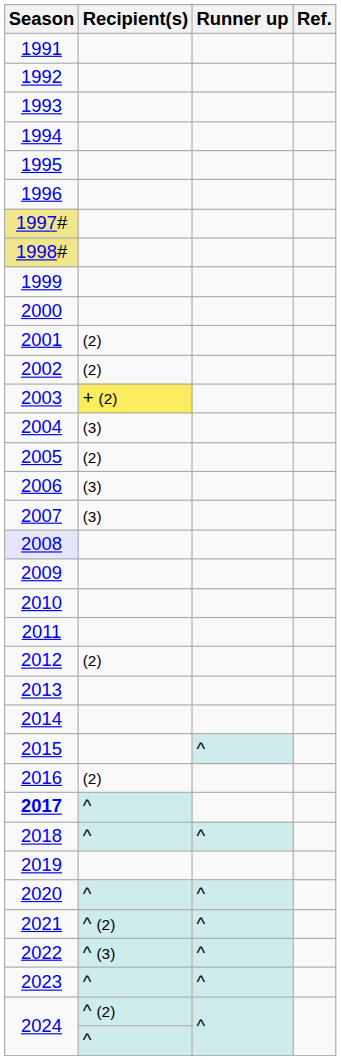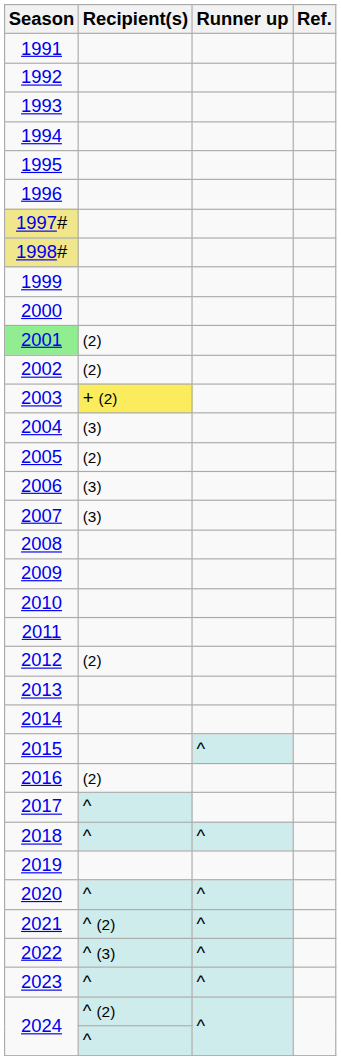 <table class="wikitable sortable" style="text-align:center">
 <tr>
 <th>Season</th>
 <th>Recipient(s)</th>
 <th>Runner up</th>
 <th class=unsortable>Ref.</th>
 </tr>
 <tr>
 <td><a href='#'>1991</a></td>
 <td align=left></td>
 <td align=left></td>
 <td></td>
 </tr>
 <tr>
 <td><a href='#'>1992</a></td>
 <td align=left></td>
 <td align=left></td>
 <td></td>
 </tr>
 <tr>
 <td><a href='#'>1993</a></td>
 <td align=left></td>
 <td align=left></td>
 <td></td>
 </tr>
 <tr>
 <td><a href='#'>1994</a></td>
 <td align=left></td>
 <td align=left></td>
 <td></td>
 </tr>
 <tr>
 <td><a href='#'>1995</a></td>
 <td align=left></td>
 <td align=left></td>
 <td></td>
 </tr>
 <tr>
 <td><a href='#'>1996</a></td>
 <td align=left></td>
 <td align=left></td>
 <td></td>
 </tr>
 <tr>
 <td style="background:#F0E68C"><a href='#'>1997</a>#</td>
 <td style="text-align:left"></td>
 <td style="text-align:left"></td>
 <td></td>
 </tr>
 <tr>
 <td style="background:#F0E68C"><a href='#'>1998</a>#</td>
 <td style="text-align:left;"></td>
 <td style="text-align:left;"></td>
 <td></td>
 </tr>
 <tr>
 <td><a href='#'>1999</a></td>
 <td align=left></td>
 <td align=left></td>
 <td></td>
 </tr>
 <tr>
 <td><a href='#'>2000</a></td>
 <td align=left></td>
 <td align=left></td>
 <td></td>
 </tr>
 <tr>
-<td><a href='#'>2001</a></td>
+<td style="background: lightgreen;"><a href='#'>2001</a></td>
 <td align=left> <small>(2)</small></td>
 <td align=left></td>
 <td></td>
 </tr>
 <tr>
 <td><a href='#'>2002</a></td>
 <td align=left> <small>(2)</small></td>
 <td align=left></td>
 <td></td>
 </tr>
 <tr>
 <td><a href='#'>2003</a></td>
 <td style="text-align:left;background:#FBEC5D">+ <small>(2)</small></td>
 <td align=left></td>
 <td></td>
 </tr>
 <tr>
 <td><a href='#'>2004</a></td>
 <td align=left> <small>(3)</small></td>
 <td align=left></td>
 <td></td>
 </tr>
 <tr>
 <td><a href='#'>2005</a></td>
 <td align=left> <small>(2)</small></td>
 <td align=left></td>
 <td></td>
 </tr>
 <tr>
 <td><a href='#'>2006</a></td>
 <td align=left> <small>(3)</small></td>
 <td align=left></td>
 <td></td>
 </tr>
 <tr>
 <td><a href='#'>2007</a></td>
 <td align=left> <small>(3)</small></td>
 <td align=left></td>
 <td></td>
 </tr>
 <tr>
-<td style="background: lavender;"><a href='#'>2008</a></td>
+<td><a href='#'>2008</a></td>
 <td align=left></td>
 <td align=left></td>
 <td></td>
 </tr>
 <tr>
 <td><a href='#'>2009</a></td>
 <td align=left></td>
 <td align=left></td>
 <td></td>
 </tr>
 <tr>
 <td><a href='#'>2010</a></td>
 <td align=left></td>
 <td align=left></td>
 <td></td>
 </tr>
 <tr>
 <td><a href='#'>2011</a></td>
 <td align=left></td>
 <td align=left></td>
 <td></td>
 </tr>
 <tr>
 <td><a href='#'>2012</a></td>
 <td align=left> <small>(2)</small></td>
 <td align=left></td>
 <td></td>
 </tr>
 <tr>
 <td><a href='#'>2013</a></td>
 <td style="text-align:left;"></td>
 <td align=left></td>
 <td></td>
 </tr>
 <tr>
 <td><a href='#'>2014</a></td>
 <td align=left></td>
 <td style="text-align:left;"></td>
 <td></td>
 </tr>
 <tr>
 <td><a href='#'>2015</a></td>
 <td align=left></td>
 <td style="text-align:left; background:#cfecec;">^</td>
 <td></td>
 </tr>
 <tr>
 <td><a href='#'>2016</a></td>
 <td style="text-align:left;">  <small>(2)</small></td>
 <td align=left></td>
 <td></td>
 </tr>
 <tr>
-<td><strong><a href='#'>2017</a></strong></td>
+<td><a href='#'>2017</a></td>
 <td style="text-align:left; background:#cfecec;">^</td>
 <td style="text-align:left;"></td>
 <td></td>
 </tr>
 <tr>
 <td><a href='#'>2018</a></td>
 <td style="text-align:left; background:#cfecec;">^</td>
 <td style="text-align:left; background:#cfecec;">^</td>
 <td></td>
 </tr>
 <tr>
 <td><a href='#'>2019</a></td>
 <td style="text-align:left"></td>
 <td style="text-align:left;"></td>
 <td></td>
 </tr>
 <tr>
 <td><a href='#'>2020</a></td>
 <td style="text-align:left; background:#cfecec;">^</td>
 <td style="text-align:left; background:#cfecec;">^</td>
 <td></td>
 </tr>
 <tr>
 <td><a href='#'>2021</a></td>
 <td style="text-align:left; background:#cfecec;">^ <small>(2)</small></td>
 <td style="text-align:left; background:#cfecec;">^</td>
 <td></td>
 </tr>
 <tr>
 <td><a href='#'>2022</a></td>
 <td style="text-align:left; background:#cfecec;">^ <small>(3)</small></td>
 <td style="text-align:left; background:#cfecec;">^</td>
 <td></td>
 </tr>
 <tr>
 <td><a href='#'>2023</a></td>
 <td style="text-align:left; background:#cfecec;">^</td>
 <td style="text-align:left; background:#cfecec;">^</td>
 <td></td>
 </tr>
 <tr>
 <td rowspan=2><a href='#'>2024</a></td>
 <td style="text-align:left; background:#cfecec;">^ <small>(2)</small></td>
 <td style="text-align:left; background:#cfecec;" rowspan=2>^</td>
 <td rowspan=2></td>
 </tr>
 <tr>
 <td style="text-align:left; background:#cfecec;">^</td>
 </tr>
 </table>
